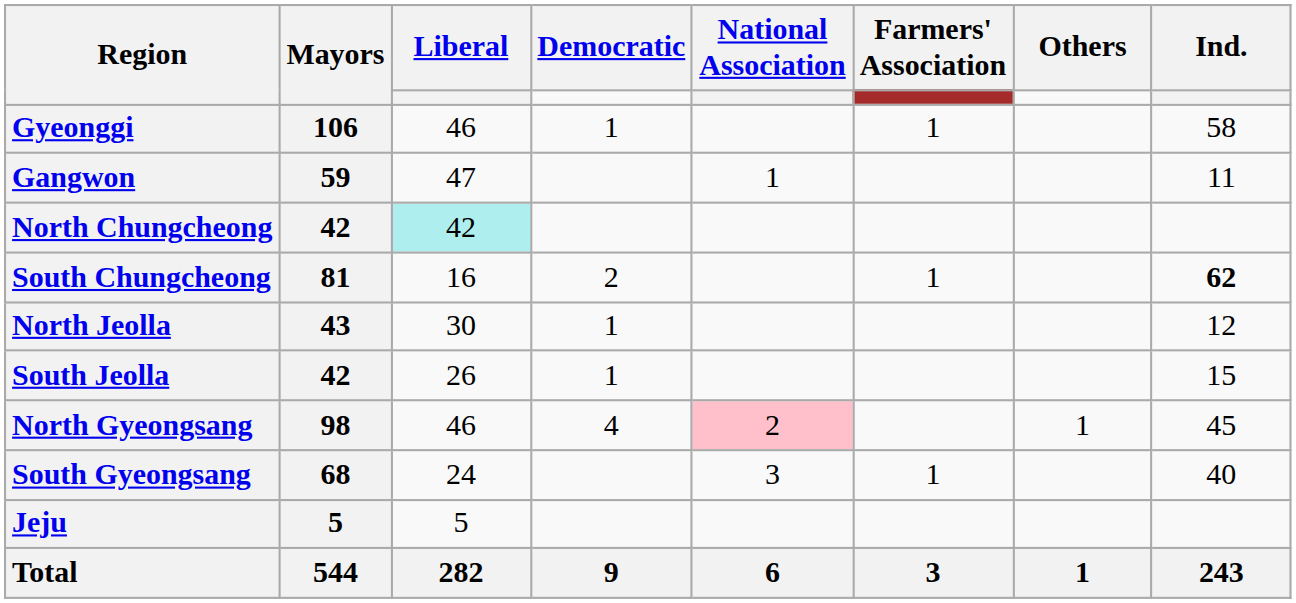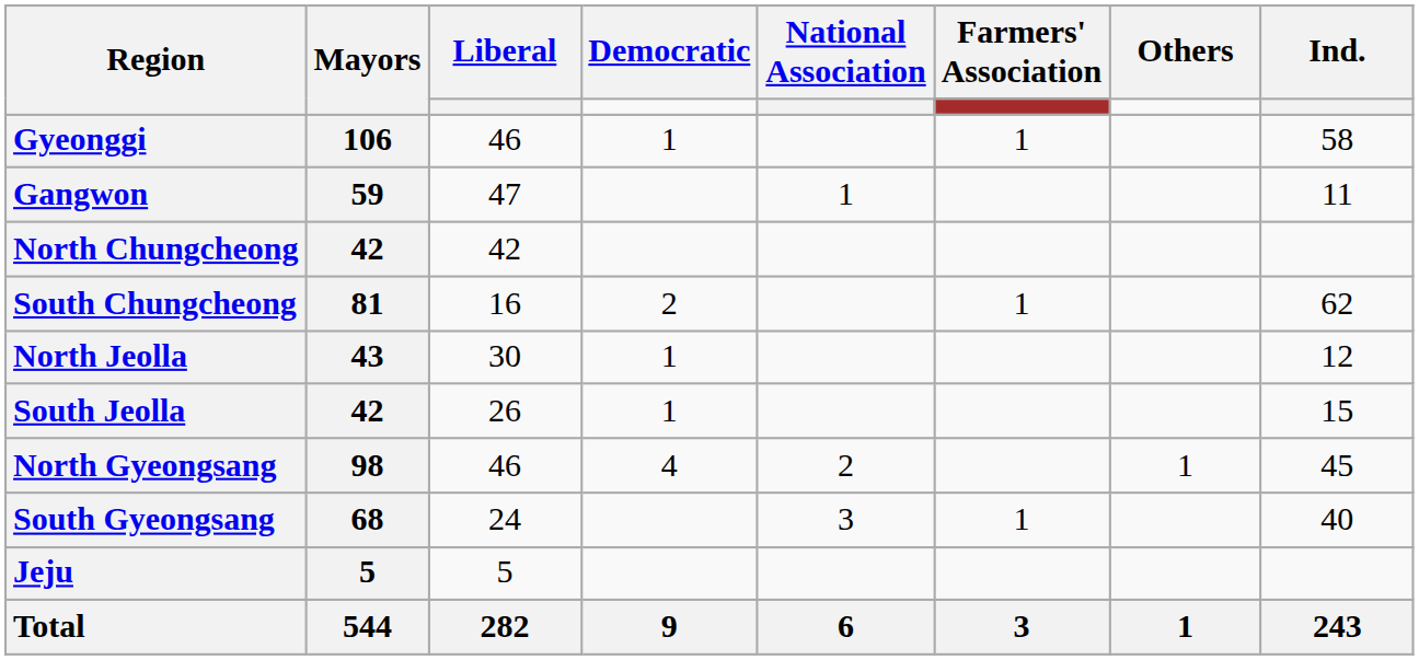 <table class="wikitable" style="text-align:center; font-size: 0.9em;">
 <tr>
 <th rowspan="2">Region</th>
 <th rowspan="2">Mayors</th>
 <th class="unsortable" style="width:60px;"><a href='#'>Liberal</a></th>
 <th class="unsortable" style="width:60px;"><a href='#'>Democratic</a></th>
 <th class="unsortable" style="width:60px;"><a href='#'>National Association</a></th>
 <th class="unsortable" style="width:60px;">Farmers' Association</th>
 <th class="unsortable" style="width:60px;">Others</th>
 <th class="unsortable" style="width:60px;">Ind.</th>
 </tr>
 <tr>
 <th style="background:"></th>
 <td></td>
 <th style="background:"></th>
 <td bgcolor="brown"></td>
 <td></td>
 <th style="background:"></th>
 </tr>
 <tr>
 <th style="text-align: left;"><a href='#'>Gyeonggi</a></th>
 <th>106</th>
 <td>46</td>
 <td>1</td>
 <td></td>
 <td>1</td>
 <td></td>
 <td>58</td>
 </tr>
 <tr>
 <th style="text-align: left;"><a href='#'>Gangwon</a></th>
 <th>59</th>
 <td>47</td>
 <td></td>
 <td>1</td>
 <td></td>
 <td></td>
 <td>11</td>
 </tr>
 <tr>
 <th style="text-align: left;"><a href='#'>North Chungcheong</a></th>
 <th>42</th>
-<td style="background: paleturquoise;">42</td>
+<td>42</td>
 <td></td>
 <td></td>
 <td></td>
 <td></td>
 <td></td>
 </tr>
 <tr>
 <th style="text-align: left;"><a href='#'>South Chungcheong</a></th>
 <th>81</th>
 <td>16</td>
 <td>2</td>
 <td></td>
 <td>1</td>
 <td></td>
-<td><strong>62</strong></td>
+<td>62</td>
 </tr>
 <tr>
 <th style="text-align: left;"><a href='#'>North Jeolla</a></th>
 <th>43</th>
 <td>30</td>
 <td>1</td>
 <td></td>
 <td></td>
 <td></td>
 <td>12</td>
 </tr>
 <tr>
 <th style="text-align: left;"><a href='#'>South Jeolla</a></th>
 <th>42</th>
 <td>26</td>
 <td>1</td>
 <td></td>
 <td></td>
 <td></td>
 <td>15</td>
 </tr>
 <tr>
 <th style="text-align: left;"><a href='#'>North Gyeongsang</a></th>
 <th>98</th>
 <td>46</td>
 <td>4</td>
-<td style="background: pink;">2</td>
+<td>2</td>
 <td></td>
 <td>1</td>
 <td>45</td>
 </tr>
 <tr>
 <th style="text-align: left;"><a href='#'>South Gyeongsang</a></th>
 <th>68</th>
 <td>24</td>
 <td></td>
 <td>3</td>
 <td>1</td>
 <td></td>
 <td>40</td>
 </tr>
 <tr>
 <th style="text-align: left;"><a href='#'>Jeju</a></th>
 <th>5</th>
 <td>5</td>
 <td></td>
 <td></td>
 <td></td>
 <td></td>
 <td></td>
 </tr>
 <tr class="sortbottom">
 <th style="text-align: left;">Total</th>
 <th>544</th>
 <th>282</th>
 <th>9</th>
 <th>6</th>
 <th>3</th>
 <th>1</th>
 <th>243</th>
 </tr>
 </table>
